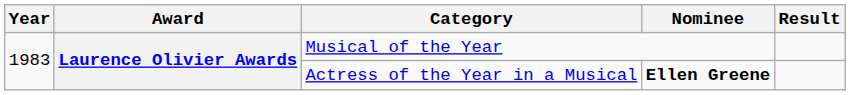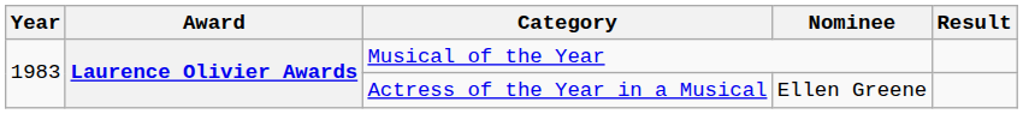 <table class="wikitable">
 <tr>
 <th scope="col">Year</th>
 <th scope="col">Award</th>
 <th scope="col">Category</th>
 <th scope="col">Nominee</th>
 <th scope="col">Result</th>
 </tr>
 <tr>
 <td rowspan="2">1983</td>
 <th scope="row" rowspan="2"><a href='#'>Laurence Olivier Awards</a></th>
 <td colspan="2"><a href='#'>Musical of the Year</a></td>
 <td></td>
 </tr>
 <tr>
 <td><a href='#'>Actress of the Year in a Musical</a></td>
-<td><strong>Ellen Greene</strong></td>
+<td>Ellen Greene</td>
 <td></td>
 </tr>
 </table>
